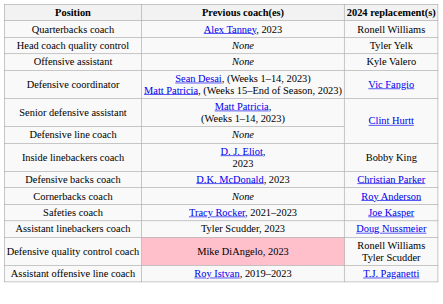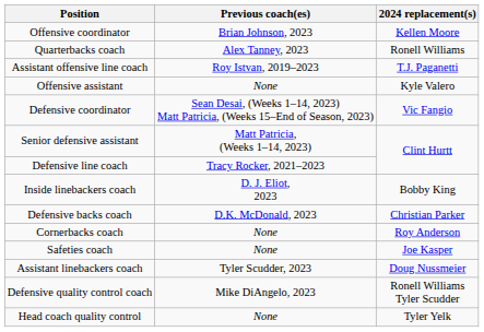 <table class="wikitable" style="text-align:center">
 <tr>
 <th>Position</th>
 <th>Previous coach(es)</th>
 <th>2024 replacement(s)</th>
 </tr>
 <tr>
+<td>Offensive coordinator</td>
+<td><a href='#'>Brian Johnson</a>, 2023</td>
+<td><a href='#'>Kellen Moore</a></td>
+</tr>
+<tr>
 <td>Quarterbacks coach</td>
 <td><a href='#'>Alex Tanney</a>, 2023</td>
 <td>Ronell Williams</td>
 </tr>
 <tr>
-<td>Head coach quality control</td>
-<td><em>None</em></td>
-<td>Tyler Yelk</td>
+<td>Assistant offensive line coach</td>
+<td><a href='#'>Roy Istvan</a>, 2019–2023</td>
+<td><a href='#'>T.J. Paganetti</a></td>
 </tr>
 <tr>
 <td>Offensive assistant</td>
 <td><em>None</em></td>
 <td>Kyle Valero</td>
 </tr>
 <tr>
 <td>Defensive coordinator</td>
 <td><a href='#'>Sean Desai</a>, (Weeks 1–14, 2023)<br><a href='#'>Matt Patricia</a>, (Weeks 15–End of Season, 2023)</td>
 <td><a href='#'>Vic Fangio</a></td>
 </tr>
 <tr>
 <td>Senior defensive assistant</td>
 <td><a href='#'>Matt Patricia</a>,<br>(Weeks 1–14, 2023)</td>
 <td rowspan="2"><a href='#'>Clint Hurtt</a></td>
 </tr>
 <tr>
 <td>Defensive line coach</td>
-<td><em>None</em></td>
+<td><a href='#'>Tracy Rocker</a>, 2021–2023</td>
 </tr>
 <tr>
 <td>Inside linebackers coach</td>
 <td><a href='#'>D. J. Eliot</a>,<br>2023</td>
 <td>Bobby King</td>
 </tr>
 <tr>
 <td>Defensive backs coach</td>
 <td><a href='#'>D.K. McDonald</a>, 2023</td>
 <td><a href='#'>Christian Parker</a></td>
 </tr>
 <tr>
 <td>Cornerbacks coach</td>
 <td><em>None</em></td>
 <td><a href='#'>Roy Anderson</a></td>
 </tr>
 <tr>
 <td>Safeties coach</td>
-<td><a href='#'>Tracy Rocker</a>, 2021–2023</td>
+<td><em>None</em></td>
 <td><a href='#'>Joe Kasper</a></td>
 </tr>
 <tr>
 <td>Assistant linebackers coach</td>
 <td>Tyler Scudder, 2023</td>
 <td><a href='#'>Doug Nussmeier</a></td>
 </tr>
 <tr>
 <td>Defensive quality control coach</td>
-<td style="background: pink;">Mike DiAngelo, 2023</td>
+<td>Mike DiAngelo, 2023</td>
 <td>Ronell Williams<br>Tyler Scudder</td>
 </tr>
 <tr>
-<td>Assistant offensive line coach</td>
-<td><a href='#'>Roy Istvan</a>, 2019–2023</td>
-<td><a href='#'>T.J. Paganetti</a></td>
+<td>Head coach quality control</td>
+<td><em>None</em></td>
+<td>Tyler Yelk</td>
 </tr>
 </table>
